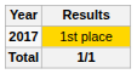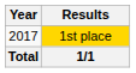 <table class="wikitable" style="text-align: center;">
 <tr>
 <th>Year</th>
 <th width="100">Results</th>
 </tr>
 <tr>
-<td><strong> 2017</strong></td>
+<td> 2017</td>
 <td bgcolor=gold>1st place</td>
 </tr>
 <tr>
 <th>Total</th>
 <th>1/1</th>
 </tr>
 </table>
